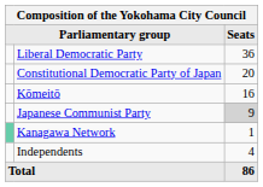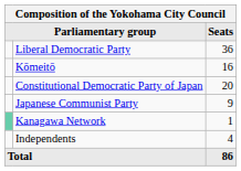 <table class="wikitable">
 <tr>
 <th colspan="3">Composition of the Yokohama City Council</th>
 </tr>
 <tr>
 <th colspan="2" style="background-color:#E9E9E9" align=left>Parliamentary group</th>
 <th style="background-color:#E9E9E9" align=right>Seats</th>
 </tr>
 <tr>
 <td style="background:"></td>
 <td align=left><a href='#'>Liberal Democratic Party</a></td>
 <td align="right">36</td>
 </tr>
 <tr>
 <td style="background:"></td>
+<td align=left><a href='#'>Kōmeitō</a></td>
+<td align="right">16</td>
+</tr>
+<tr>
+<td style="background:"></td>
 <td align=left><a href='#'>Constitutional Democratic Party of Japan</a></td>
 <td align="right">20</td>
 </tr>
 <tr>
 <td style="background:"></td>
-<td align=left><a href='#'>Kōmeitō</a></td>
-<td align="right">16</td>
-</tr>
-<tr>
-<td style="background:"></td>
 <td align=left><a href='#'>Japanese Communist Party</a></td>
-<td align="right" style="background: lightgrey;">9</td>
+<td align="right">9</td>
 </tr>
 <tr>
 <td style="background:#66cdaa;"></td>
 <td align=left><a href='#'>Kanagawa Network</a></td>
 <td align="right">1</td>
 </tr>
 <tr>
 <td> </td>
 <td align=left>Independents</td>
 <td align="right">4</td>
 </tr>
 <tr>
 <td colspan="2" align=left style="background-color:#E9E9E9" align=left><strong>Total</strong></td>
 <td style="background-color:#E9E9E9" align=right><strong>86</strong></td>
 </tr>
 </table>
